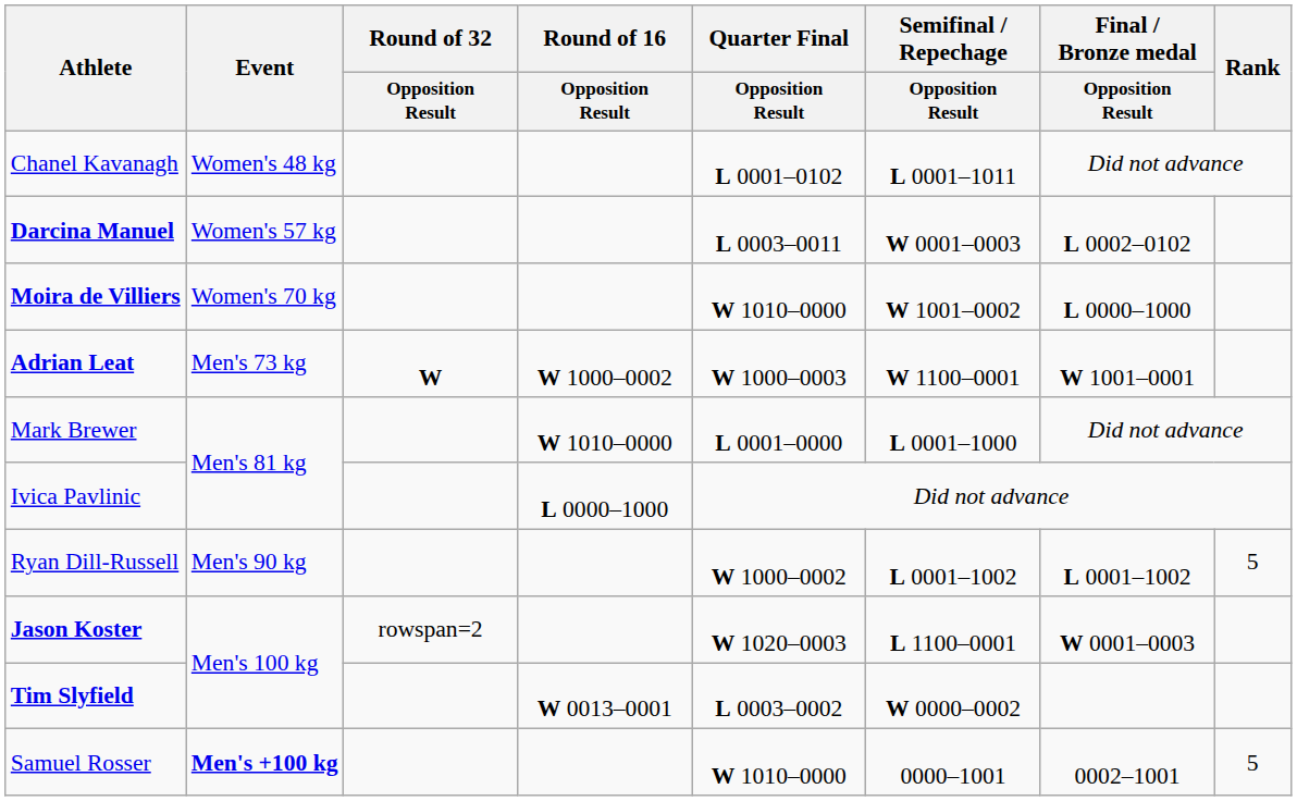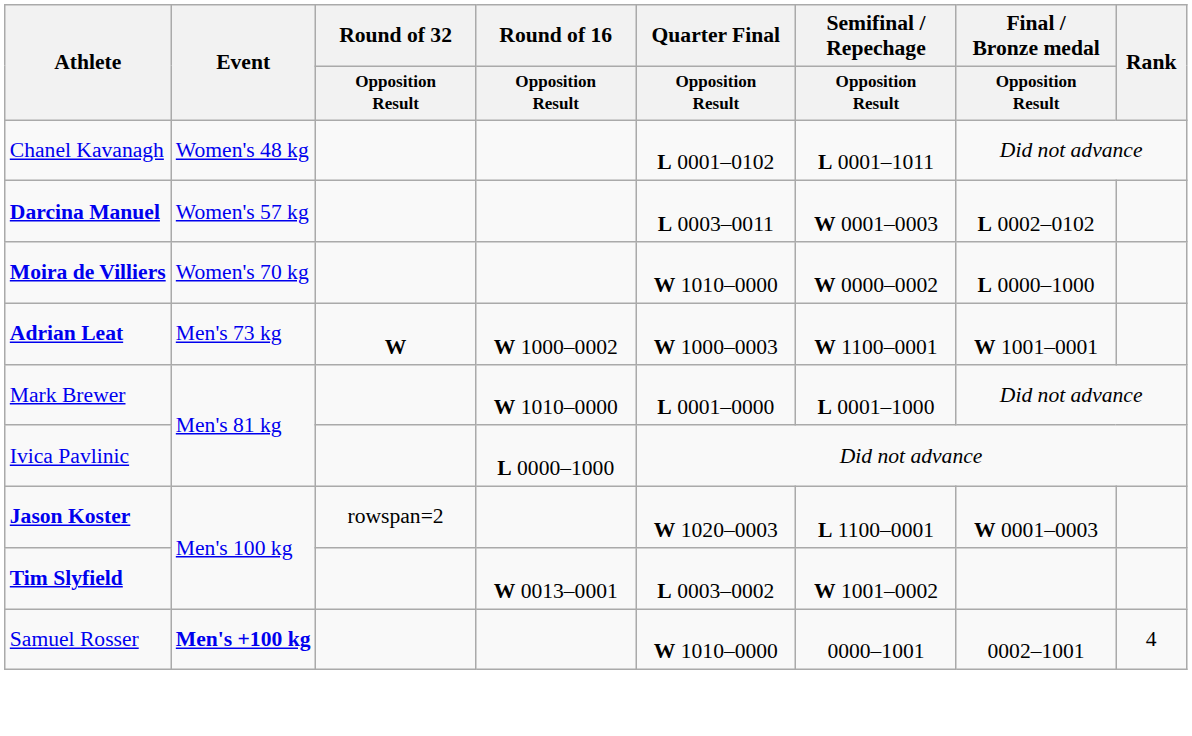 <table class="wikitable"  style="text-align:center;font-size:90%">
 <tr>
 <th rowspan="2">Athlete</th>
 <th rowspan="2">Event</th>
 <th width=100>Round of 32</th>
 <th width=100>Round of 16</th>
 <th width=100>Quarter Final</th>
 <th width=100>Semifinal / Repechage</th>
 <th width=100>Final / Bronze medal</th>
 <th rowspan="2" style="width:40px;">Rank</th>
 </tr>
 <tr style="font-size:95%">
 <th style="line-height:1em"><small>Opposition<br>Result</small></th>
 <th style="line-height:1em"><small>Opposition<br>Result</small></th>
 <th style="line-height:1em"><small>Opposition<br>Result</small></th>
 <th style="line-height:1em"><small>Opposition<br>Result</small></th>
 <th style="line-height:1em"><small>Opposition<br>Result</small></th>
 </tr>
 <tr>
 <td align=left><a href='#'>Chanel Kavanagh</a></td>
 <td align=left><a href='#'>Women's 48 kg</a></td>
 <td></td>
 <td></td>
 <td><br> <strong>L</strong> 0001–0102</td>
 <td><br> <strong>L</strong> 0001–1011</td>
 <td colspan="2"><em>Did not advance</em></td>
 </tr>
 <tr>
 <td align=left><strong><a href='#'>Darcina Manuel</a></strong></td>
 <td align=left><a href='#'>Women's 57 kg</a></td>
 <td></td>
 <td></td>
 <td><br> <strong>L</strong> 0003–0011</td>
 <td><br> <strong>W</strong> 0001–0003</td>
 <td><br><strong>L</strong> 0002–0102</td>
 <td></td>
 </tr>
 <tr>
 <td align=left><strong><a href='#'>Moira de Villiers</a></strong></td>
 <td align=left><a href='#'>Women's 70 kg</a></td>
 <td></td>
 <td></td>
 <td><br><strong>W</strong> 1010–0000</td>
-<td><br><strong>W</strong> 1001–0002</td>
+<td><br><strong>W</strong> 0000–0002</td>
 <td><br><strong>L</strong> 0000–1000</td>
 <td></td>
 </tr>
 <tr>
 <td align=left><strong><a href='#'>Adrian Leat</a></strong></td>
 <td align=left><a href='#'>Men's 73 kg</a></td>
 <td><br><strong>W</strong></td>
 <td><br><strong>W</strong> 1000–0002</td>
 <td><br><strong>W</strong> 1000–0003</td>
 <td><br><strong>W</strong> 1100–0001</td>
 <td><br> <strong>W</strong> 1001–0001</td>
 <td></td>
 </tr>
 <tr>
 <td align=left><a href='#'>Mark Brewer</a></td>
 <td align=left rowspan=2><a href='#'>Men's 81 kg</a></td>
 <td></td>
 <td><br><strong>W</strong> 1010–0000</td>
 <td><br><strong>L</strong> 0001–0000</td>
 <td><br><strong>L</strong> 0001–1000</td>
 <td colspan="2"><em>Did not advance</em></td>
 </tr>
 <tr>
 <td align=left><a href='#'>Ivica Pavlinic</a></td>
 <td></td>
 <td><br><strong>L</strong> 0000–1000</td>
 <td colspan="4"><em>Did not advance</em></td>
 </tr>
 <tr>
-<td align=left><a href='#'>Ryan Dill-Russell</a></td>
-<td align=left><a href='#'>Men's 90 kg</a></td>
-<td></td>
-<td></td>
-<td><br><strong>W</strong> 1000–0002</td>
-<td><br><strong>L</strong> 0001–1002</td>
-<td><br><strong>L</strong> 0001–1002</td>
-<td>5</td>
-</tr>
-<tr>
 <td align=left><strong><a href='#'>Jason Koster</a></strong></td>
 <td align=left rowspan=2><a href='#'>Men's 100 kg</a></td>
 <td>rowspan=2 </td>
 <td></td>
 <td><br><strong>W</strong> 1020–0003</td>
 <td><br><strong>L</strong> 1100–0001</td>
 <td><br><strong>W</strong> 0001–0003</td>
 <td></td>
 </tr>
 <tr>
 <td align=left><strong><a href='#'>Tim Slyfield</a></strong></td>
 <td></td>
 <td><br><strong>W</strong> 0013–0001</td>
 <td><br><strong>L</strong> 0003–0002</td>
-<td><br><strong>W</strong> 0000–0002</td>
+<td><br><strong>W</strong> 1001–0002</td>
 <td></td>
 </tr>
 <tr>
 <td align=left><a href='#'>Samuel Rosser</a></td>
 <td align=left><strong><a href='#'>Men's +100 kg</a></strong></td>
 <td></td>
 <td></td>
 <td><br><strong>W</strong> 1010–0000</td>
 <td><br>0000–1001</td>
 <td><br>0002–1001</td>
-<td>5</td>
+<td>4</td>
 </tr>
 </table>
